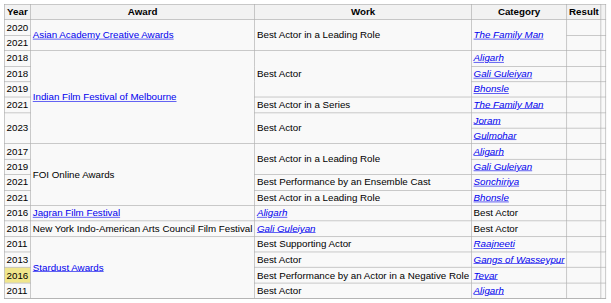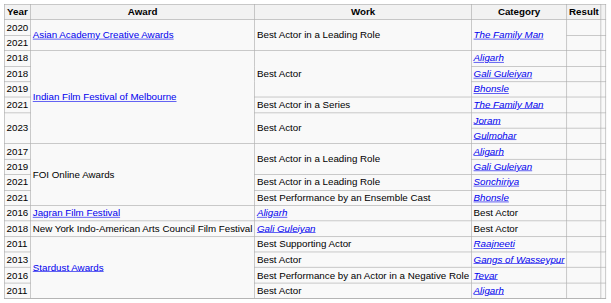 <table class="wikitable sortable"⁣>
 <tr ⁣>
 <th>Year⁣</th>
 <th>Award</th>
 <th>Work⁣</th>
 <th>Category⁣</th>
 <th>Result⁣</th>
 <th class="unsortable">⁣</th>
 </tr>
 <tr>
 <td>2020</td>
 <td rowspan="2"><a href='#'>Asian Academy Creative Awards</a></td>
 <td rowspan="2">Best Actor in a Leading Role</td>
 <td rowspan="2"><em><a href='#'>The Family Man</a></em></td>
 <td></td>
 <td></td>
 </tr>
 <tr>
 <td>2021</td>
 <td></td>
 <td></td>
 </tr>
 <tr>
 <td>2018</td>
 <td rowspan="6"><a href='#'>Indian Film Festival of Melbourne</a></td>
 <td rowspan="3">Best Actor</td>
 <td><em><a href='#'>Aligarh</a></em></td>
 <td></td>
 <td></td>
 </tr>
 <tr>
 <td>2018</td>
 <td><em><a href='#'>Gali Guleiyan</a></em></td>
 <td></td>
 <td></td>
 </tr>
 <tr>
 <td>2019</td>
 <td><em><a href='#'>Bhonsle</a></em></td>
 <td></td>
 <td></td>
 </tr>
 <tr>
 <td>2021</td>
 <td>Best Actor in a Series</td>
 <td><em><a href='#'>The Family Man</a></em></td>
 <td></td>
 <td></td>
 </tr>
 <tr>
 <td rowspan="2">2023</td>
 <td rowspan="2">Best Actor</td>
 <td><em><a href='#'>Joram</a></em></td>
 <td></td>
 <td></td>
 </tr>
 <tr>
 <td><em><a href='#'>Gulmohar</a></em></td>
 <td></td>
 <td></td>
 </tr>
 <tr>
 <td>2017</td>
 <td rowspan="4">FOI Online Awards</td>
 <td rowspan="2">Best Actor in a Leading Role</td>
 <td><em><a href='#'>Aligarh</a></em></td>
 <td></td>
 <td></td>
 </tr>
 <tr>
 <td>2019</td>
 <td><em><a href='#'>Gali Guleiyan</a></em></td>
 <td></td>
 <td></td>
 </tr>
 <tr>
 <td>2021</td>
-<td>Best Performance by an Ensemble Cast</td>
+<td>Best Actor in a Leading Role</td>
 <td><em><a href='#'>Sonchiriya</a></em></td>
 <td></td>
 <td></td>
 </tr>
 <tr>
 <td>2021</td>
-<td>Best Actor in a Leading Role</td>
+<td>Best Performance by an Ensemble Cast</td>
 <td><em><a href='#'>Bhonsle</a></em></td>
 <td></td>
 <td></td>
 </tr>
 <tr>
 <td>2016</td>
 <td><a href='#'>Jagran Film Festival</a></td>
 <td><em><a href='#'>Aligarh</a></em></td>
 <td>Best Actor</td>
 <td></td>
 <td></td>
 </tr>
 <tr>
 <td>2018</td>
 <td>New York Indo-American Arts Council Film Festival</td>
 <td><em><a href='#'>Gali Guleiyan</a></em></td>
 <td>Best Actor</td>
 <td></td>
 <td></td>
 </tr>
 <tr>
 <td>2011</td>
 <td rowspan="4"><a href='#'>Stardust Awards</a></td>
 <td>Best Supporting Actor</td>
 <td><em><a href='#'>Raajneeti</a></em></td>
 <td></td>
 <td></td>
 </tr>
 <tr>
 <td>2013</td>
 <td>Best Actor</td>
 <td><em><a href='#'>Gangs of Wasseypur</a></em></td>
 <td></td>
 <td></td>
 </tr>
 <tr>
-<td style="background: khaki;">2016</td>
+<td>2016</td>
 <td>Best Performance by an Actor in a Negative Role</td>
 <td><em><a href='#'>Tevar</a></em></td>
 <td></td>
 <td></td>
 </tr>
 <tr>
 <td>2011</td>
 <td>Best Actor</td>
 <td><em><a href='#'>Aligarh</a></em></td>
 <td></td>
 <td></td>
 </tr>
 <tr>
 </tr>
 </table>
